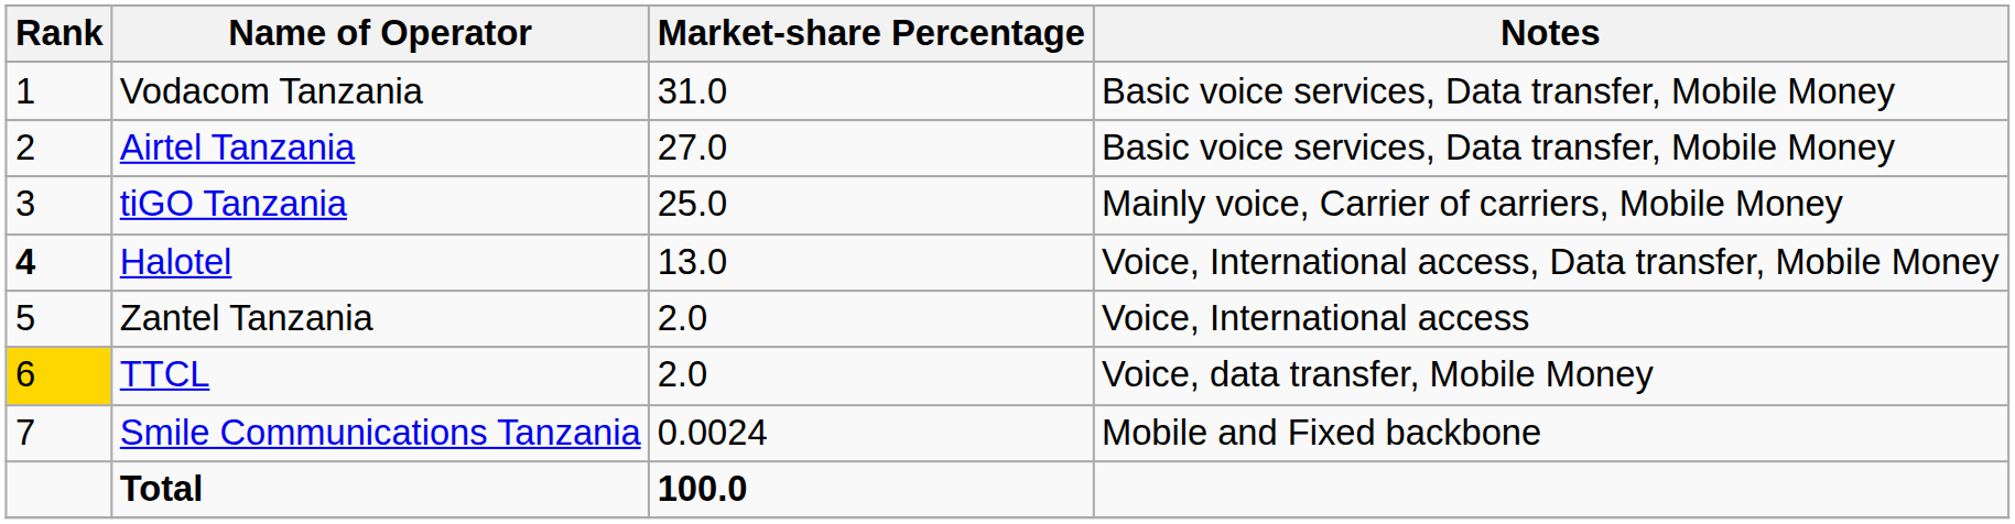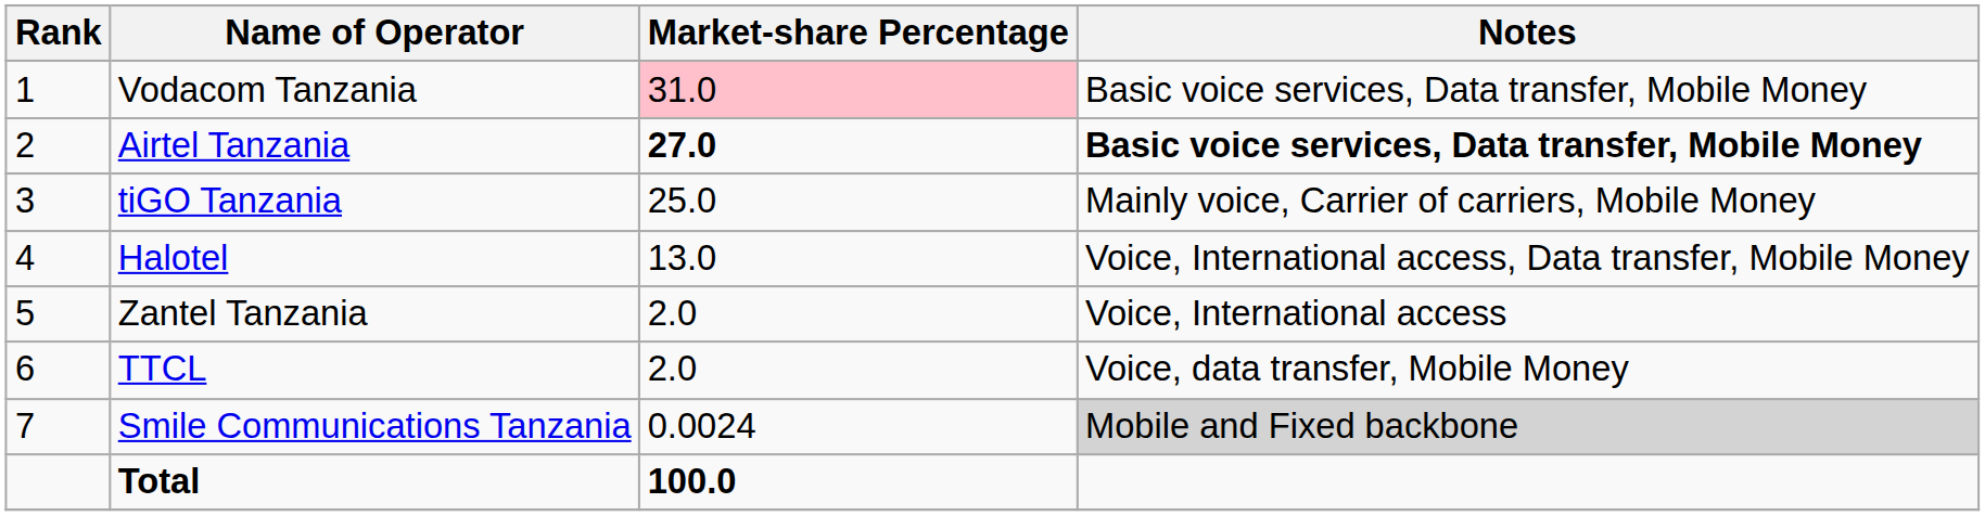 <table class="wikitable sortable" style="margin: 0.5em auto">
 <tr>
 <th>Rank</th>
 <th>Name of Operator</th>
 <th>Market-share Percentage</th>
 <th>Notes</th>
 </tr>
 <tr>
 <td>1</td>
 <td>Vodacom Tanzania</td>
-<td>31.0</td>
+<td style="background: pink;">31.0</td>
 <td>Basic voice services, Data transfer, Mobile Money</td>
 </tr>
 <tr>
 <td>2</td>
 <td><a href='#'>Airtel Tanzania</a></td>
-<td>27.0</td>
-<td>Basic voice services, Data transfer, Mobile Money</td>
+<td><strong>27.0</strong></td>
+<td><strong>Basic voice services, Data transfer, Mobile Money</strong></td>
 </tr>
 <tr>
 <td>3</td>
 <td><a href='#'>tiGO Tanzania</a></td>
 <td>25.0</td>
 <td>Mainly voice, Carrier of carriers, Mobile Money</td>
 </tr>
 <tr>
-<td><strong>4</strong></td>
+<td>4</td>
 <td><a href='#'>Halotel</a></td>
 <td>13.0</td>
 <td>Voice, International access, Data transfer, Mobile Money</td>
 </tr>
 <tr>
 <td>5</td>
 <td>Zantel Tanzania</td>
 <td>2.0</td>
 <td>Voice, International access</td>
 </tr>
 <tr>
-<td style="background: gold;">6</td>
+<td>6</td>
 <td><a href='#'>TTCL</a></td>
 <td>2.0</td>
 <td>Voice, data transfer, Mobile Money</td>
 </tr>
 <tr>
 <td>7</td>
 <td><a href='#'>Smile Communications Tanzania</a></td>
 <td>0.0024</td>
-<td>Mobile and Fixed backbone</td>
+<td style="background: lightgrey;">Mobile and Fixed backbone</td>
 </tr>
 <tr>
 <td></td>
 <td><strong>Total</strong></td>
 <td><strong>100.0</strong></td>
 <td></td>
 </tr>
 <tr>
 </tr>
 </table>
